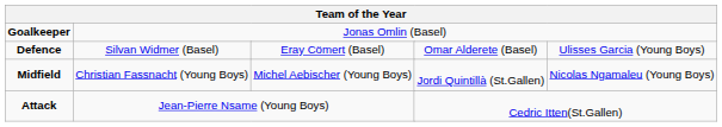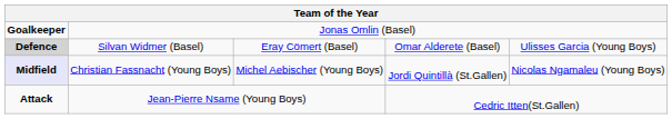 <table class="wikitable" style="text-align:center">
 <tr>
 <th colspan="13">Team of the Year</th>
 </tr>
 <tr>
 <td><strong>Goalkeeper</strong></td>
 <td colspan="12"> <a href='#'>Jonas Omlin</a> (Basel)</td>
 </tr>
 <tr>
-<td><strong>Defence</strong></td>
+<td style="background: lightgrey;"><strong>Defence</strong></td>
 <td colspan="3"> <a href='#'>Silvan Widmer</a> (Basel)</td>
 <td colspan="3"> <a href='#'>Eray Cömert</a> (Basel)</td>
 <td colspan="3"> <a href='#'>Omar Alderete</a> (Basel)</td>
 <td colspan="3"> <a href='#'>Ulisses Garcia</a> (Young Boys)</td>
 </tr>
 <tr>
-<td><strong>Midfield</strong></td>
+<td style="background: lavender;"><strong>Midfield</strong></td>
 <td colspan="3"> <a href='#'>Christian Fassnacht</a> (Young Boys)</td>
 <td colspan="3"> <a href='#'>Michel Aebischer</a> (Young Boys)</td>
 <td colspan="3"><br> <a href='#'>Jordi Quintillà</a> (St.Gallen)</td>
 <td colspan="3"> <a href='#'>Nicolas Ngamaleu</a> (Young Boys)</td>
 </tr>
 <tr>
 <td><strong>Attack</strong></td>
 <td colspan="6"> <a href='#'>Jean-Pierre Nsame</a> (Young Boys)</td>
 <td colspan="6"><br> <a href='#'>Cedric Itten</a>(St.Gallen)</td>
 </tr>
 </table>
